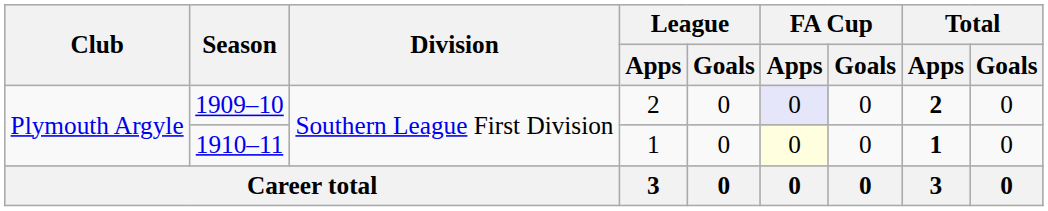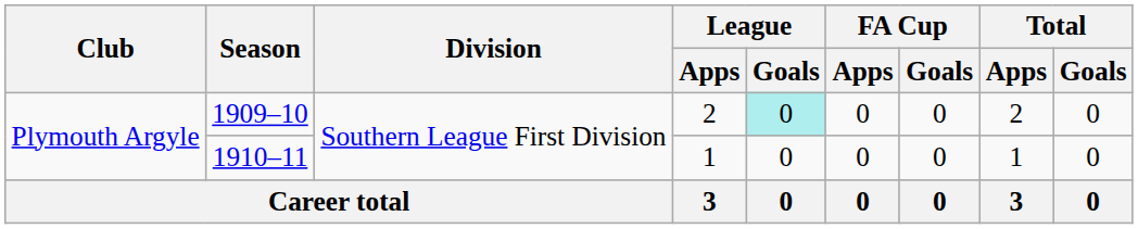 <table class="wikitable" style="text-align:center;">
 <tr>
 <th rowspan="2">Club</th>
 <th rowspan="2">Season</th>
 <th rowspan="2">Division</th>
 <th colspan="2">League</th>
 <th colspan="2">FA Cup</th>
 <th colspan="2">Total</th>
 </tr>
 <tr>
 <th>Apps</th>
 <th>Goals</th>
 <th>Apps</th>
 <th>Goals</th>
 <th>Apps</th>
 <th>Goals</th>
 </tr>
 <tr>
 <td rowspan=2><a href='#'>Plymouth Argyle</a></td>
 <td><a href='#'>1909–10</a></td>
 <td rowspan=2><a href='#'>Southern League</a> First Division</td>
 <td>2</td>
+<td style="background: paleturquoise;">0</td>
 <td>0</td>
-<td style="background: lavender;">0</td>
 <td>0</td>
-<td><strong>2</strong></td>
+<td>2</td>
 <td>0</td>
 </tr>
 <tr>
 <td><a href='#'>1910–11</a></td>
 <td>1</td>
 <td>0</td>
-<td style="background: lightyellow;">0</td>
 <td>0</td>
-<td><strong>1</strong></td>
+<td>0</td>
+<td>1</td>
 <td>0</td>
 </tr>
 <tr>
 <th colspan="3">Career total</th>
 <th>3</th>
 <th>0</th>
 <th>0</th>
 <th>0</th>
 <th>3</th>
 <th>0</th>
 </tr>
 </table>
